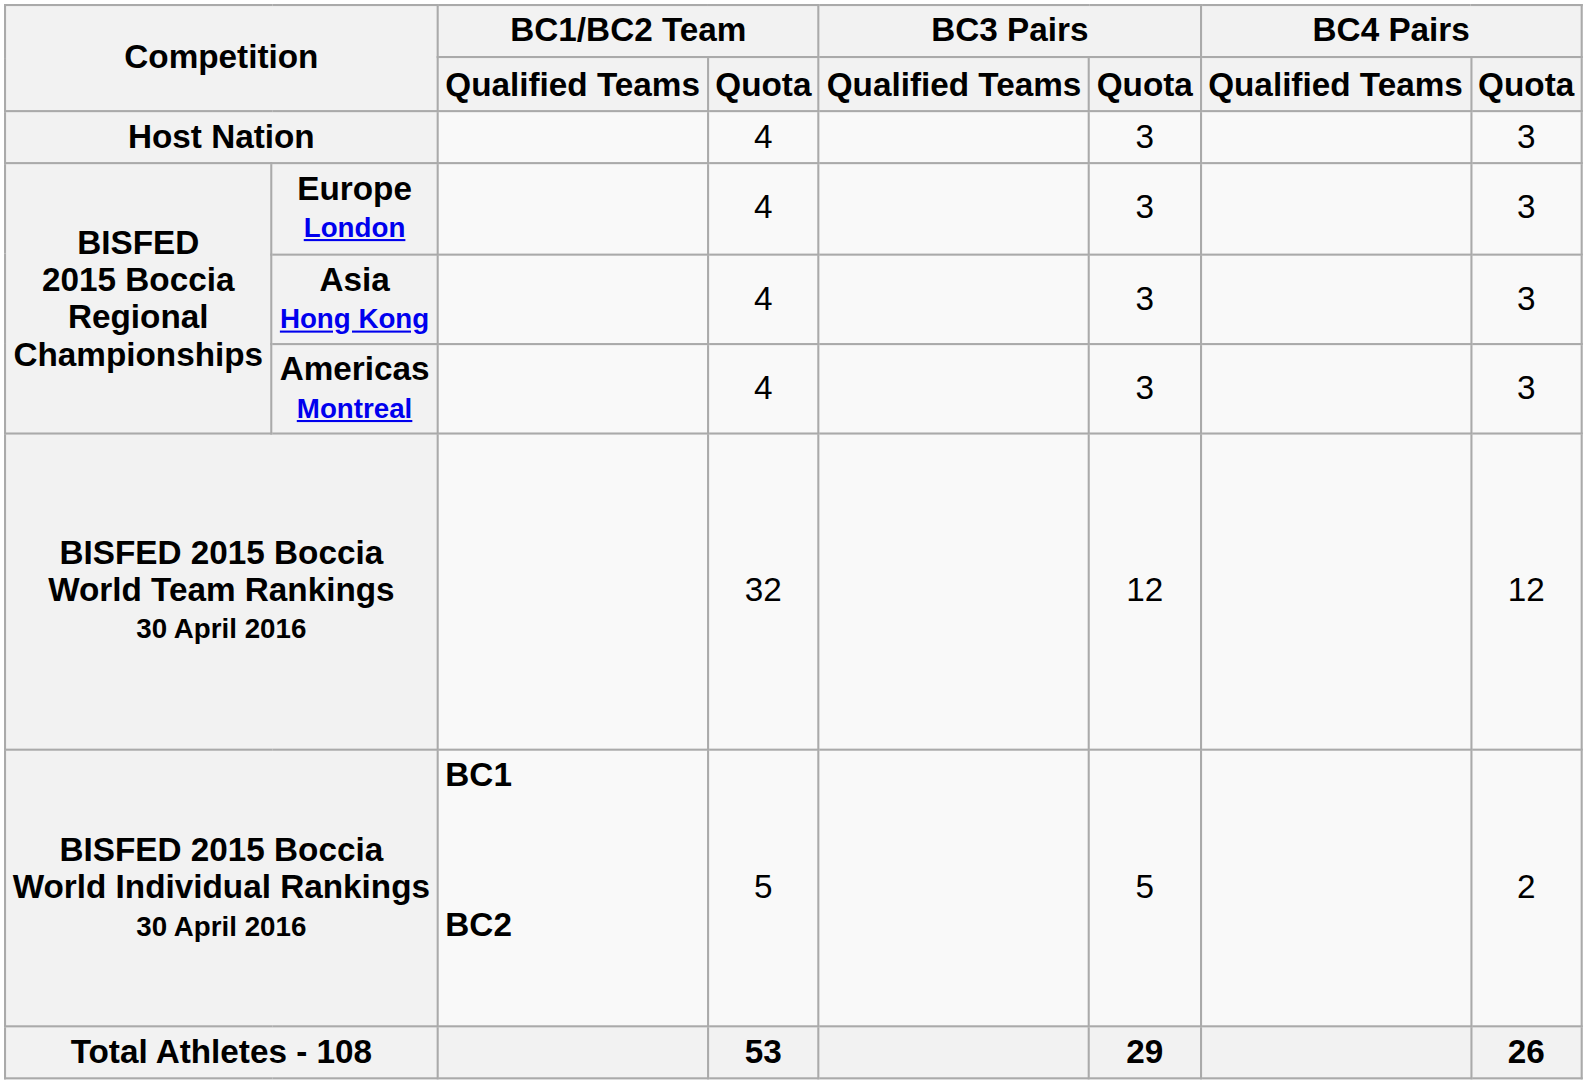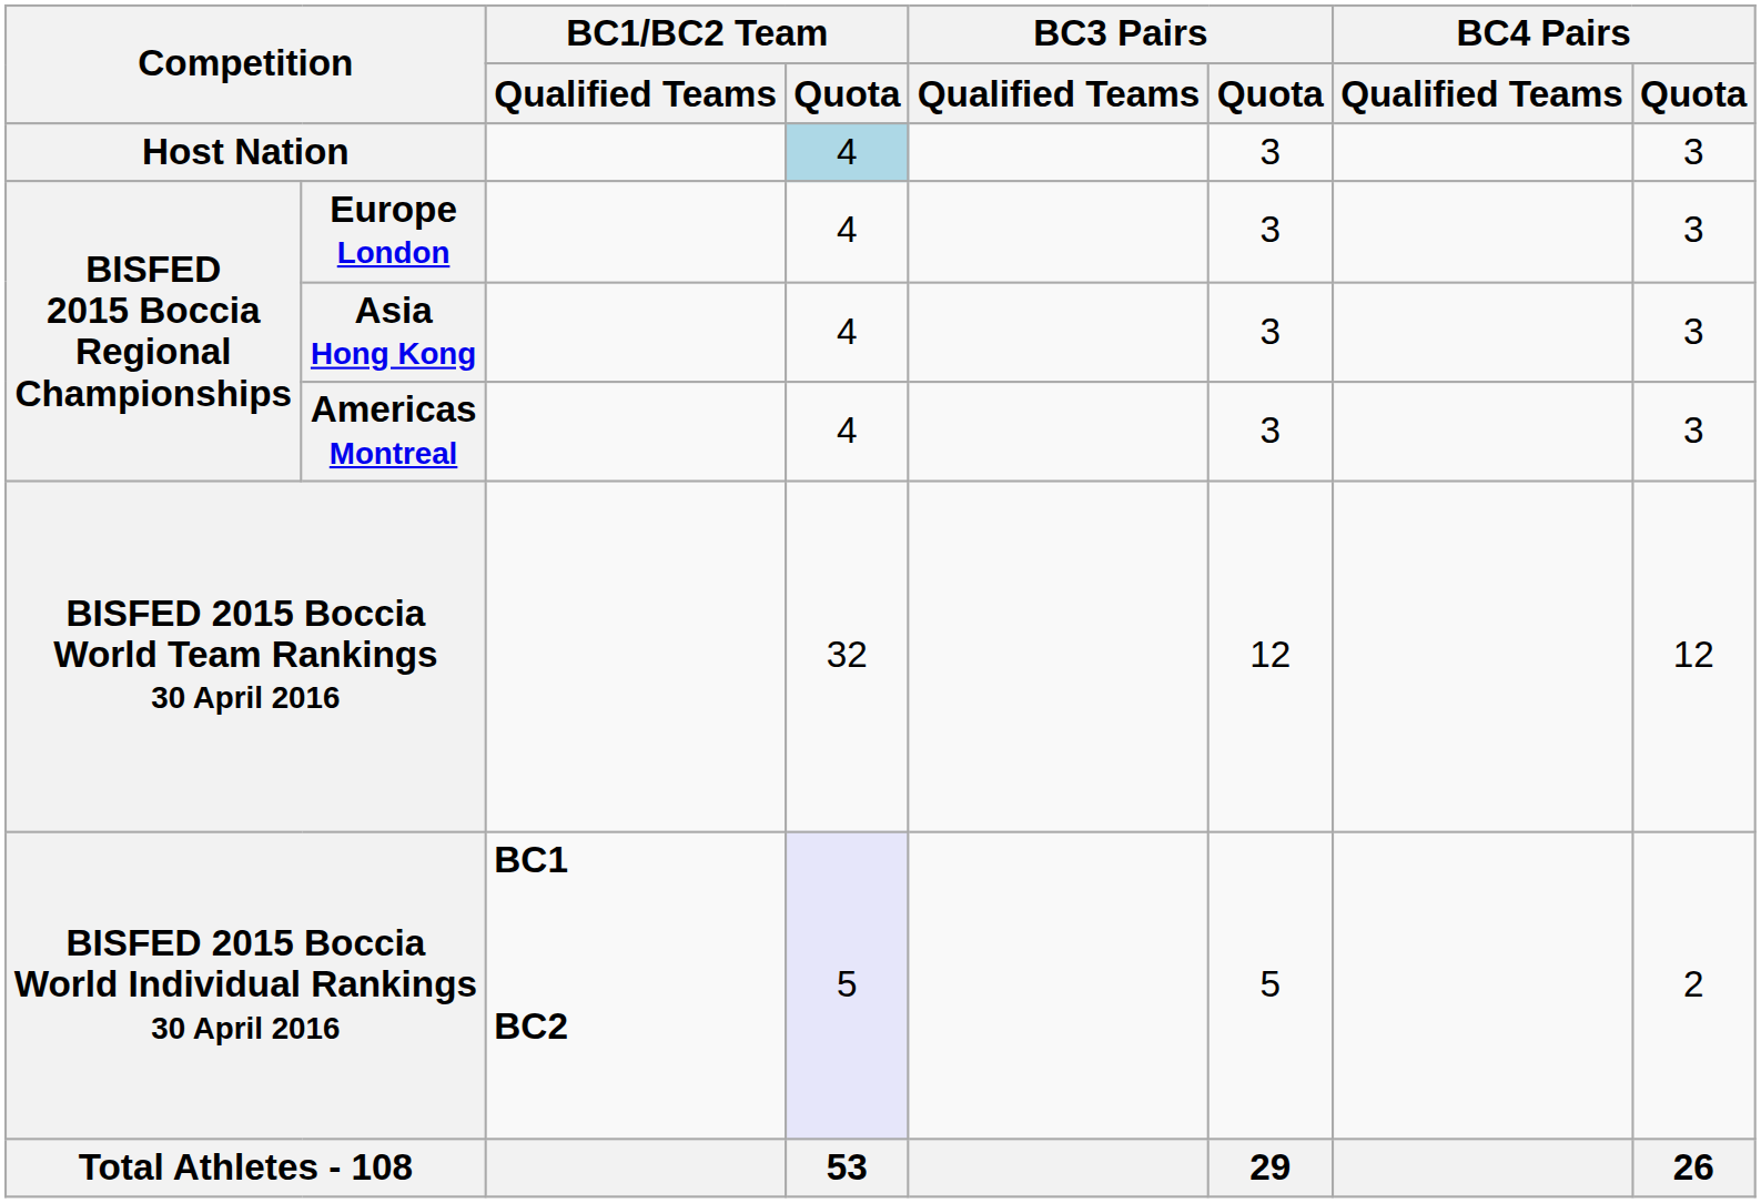 <table class="wikitable">
 <tr>
 <th colspan="2" rowspan="2">Competition</th>
 <th colspan="2">BC1/BC2 Team</th>
 <th colspan="2">BC3 Pairs</th>
 <th colspan="2">BC4 Pairs</th>
 </tr>
 <tr>
 <th>Qualified Teams</th>
 <th>Quota</th>
 <th>Qualified Teams</th>
 <th>Quota</th>
 <th>Qualified Teams</th>
 <th>Quota</th>
 </tr>
 <tr>
 <th colspan="2" align="center">Host Nation</th>
 <td align="left"></td>
-<td align="center">4</td>
+<td align="center" style="background: lightblue;">4</td>
 <td align="left"></td>
 <td align="center">3</td>
 <td align="left"></td>
 <td align="center">3</td>
 </tr>
 <tr>
 <th rowspan="3" align="center">BISFED <br>2015 Boccia<br> Regional <br>Championships</th>
 <th>Europe<br><small> <a href='#'>London</a></small></th>
 <td align="left"></td>
 <td align="center">4</td>
 <td align="left"></td>
 <td align="center">3</td>
 <td align="left"></td>
 <td align="center">3</td>
 </tr>
 <tr>
 <th>Asia  <br><small> <a href='#'>Hong Kong</a></small></th>
 <td align="left"></td>
 <td align="center">4</td>
 <td align="left"></td>
 <td align="center">3</td>
 <td align="left"></td>
 <td align="center">3</td>
 </tr>
 <tr>
 <th>Americas <br><small> <a href='#'>Montreal</a></small></th>
 <td align="left"></td>
 <td align="center">4</td>
 <td align="left"><s></s><br></td>
 <td align="center">3</td>
 <td align="left"></td>
 <td align="center">3</td>
 </tr>
 <tr>
 <th colspan="2" align="center">BISFED 2015 Boccia<br>World Team Rankings<br><small>30 April 2016</small></th>
 <td align="left"><br><br><br><br><br><br><br><br></td>
 <td align="center">32</td>
 <td align="left"><br><br><br><br></td>
 <td align="center">12</td>
 <td align="left"><br><br><br><br></td>
 <td align="center">12</td>
 </tr>
 <tr>
 <th colspan="2" align="center">BISFED 2015 Boccia<br>World Individual Rankings<br><small>30 April 2016</small></th>
 <td align="left"><strong>BC1</strong> <br><br><br><br>  <strong>BC2</strong><br><br><br></td>
-<td align="center">5</td>
+<td align="center" style="background: lavender;">5</td>
 <td align="left"><br><br><br><br> <br></td>
 <td align="center">5</td>
 <td align="left"><br></td>
 <td align="center">2</td>
 </tr>
 <tr>
 <th colspan="2">Total Athletes - 108</th>
 <th></th>
 <th>53</th>
 <th></th>
 <th>29</th>
 <th></th>
 <th>26</th>
 </tr>
 </table>
